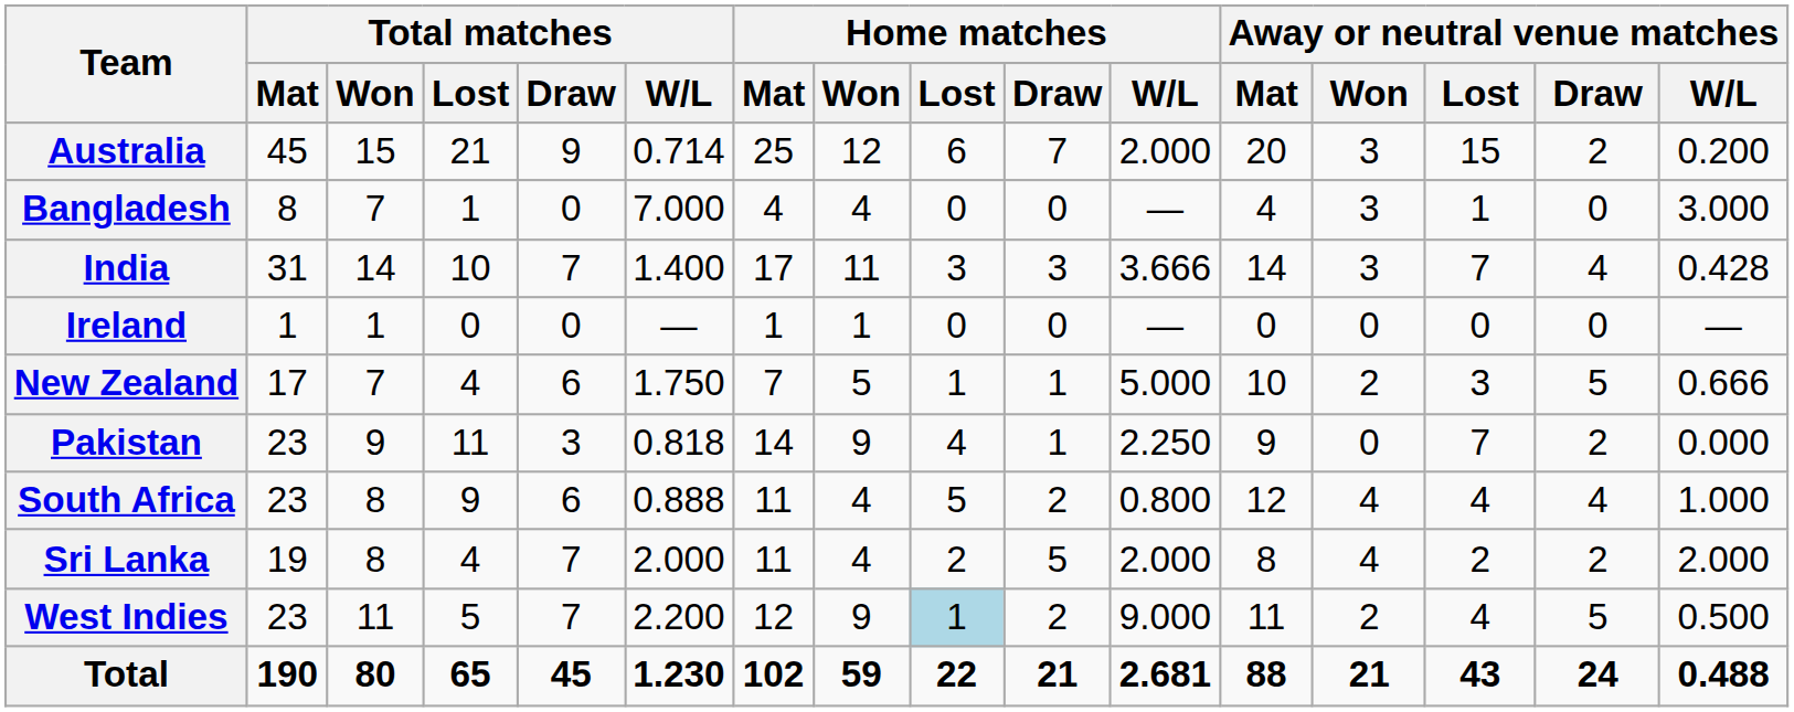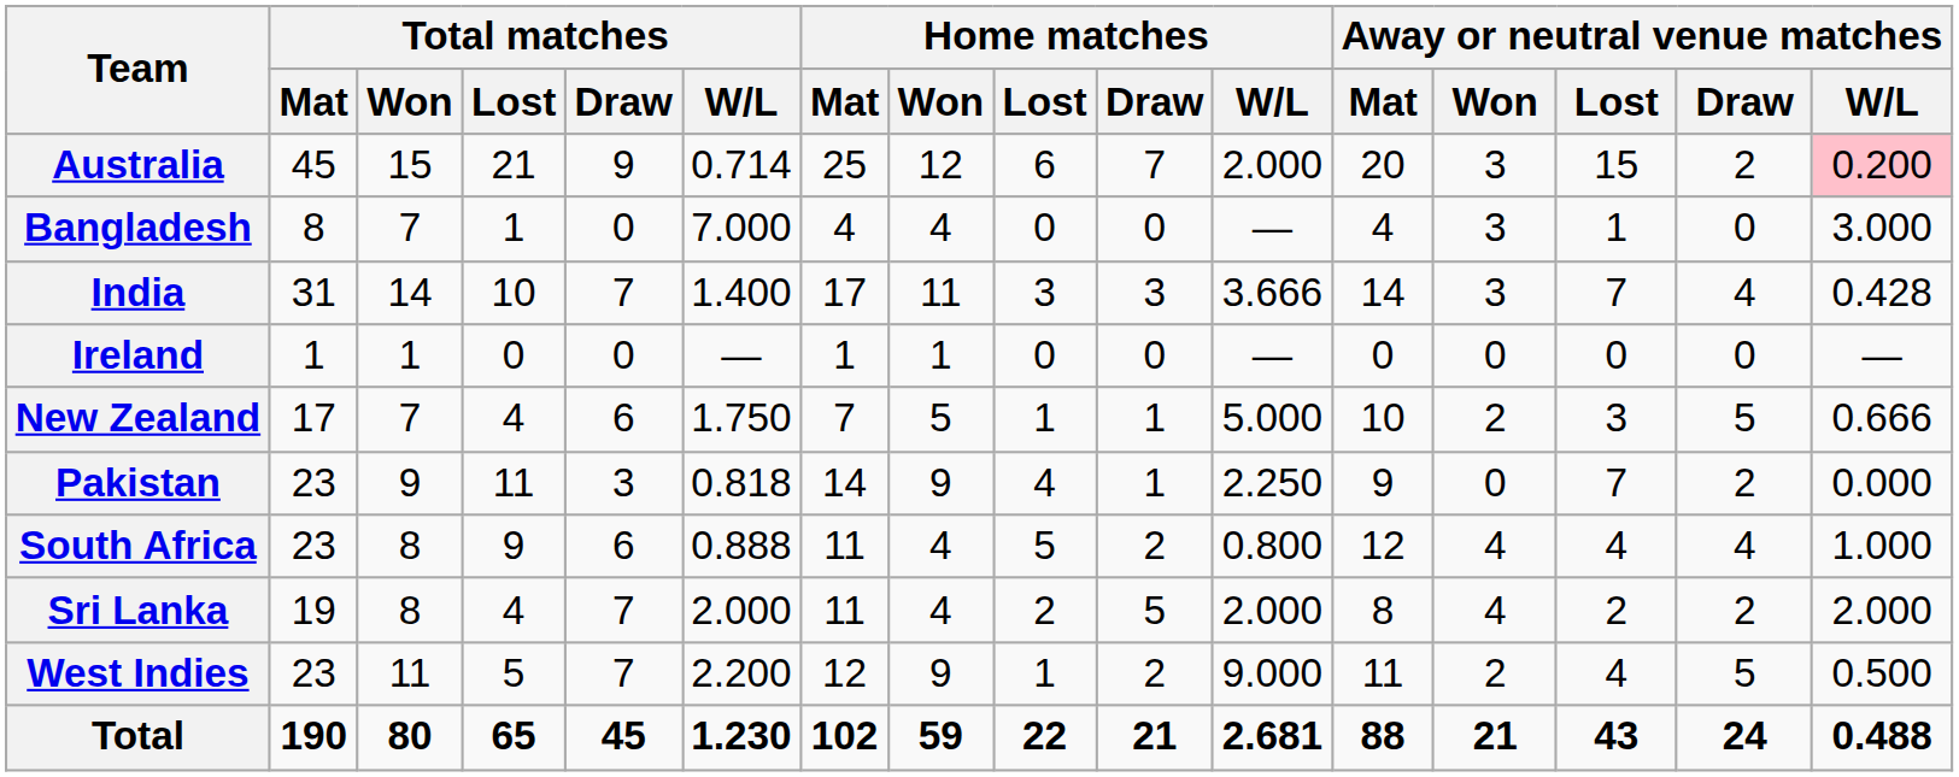 <table class="wikitable plainrowheaders sortable" style="text-align:center">
 <tr>
 <th rowspan=2 scope=col>Team</th>
 <th colspan=5 class=unsortable>Total matches</th>
 <th colspan=5 class=unsortable>Home matches</th>
 <th colspan=5 class=unsortable>Away or neutral venue matches</th>
 </tr>
 <tr>
 <th scope=col data-sort-type=number>Mat</th>
 <th scope=col data-sort-type=number>Won</th>
 <th scope=col data-sort-type=number>Lost</th>
 <th scope=col data-sort-type=number>Draw</th>
 <th scope=col data-sort-type=number>W/L</th>
 <th scope=col data-sort-type=number>Mat</th>
 <th scope=col data-sort-type=number>Won</th>
 <th scope=col data-sort-type=number>Lost</th>
 <th scope=col data-sort-type=number>Draw</th>
 <th scope=col data-sort-type=number>W/L</th>
 <th scope=col data-sort-type=number>Mat</th>
 <th scope=col data-sort-type=number>Won</th>
 <th scope=col data-sort-type=number>Lost</th>
 <th scope=col data-sort-type=number>Draw</th>
 <th scope=col data-sort-type=number>W/L</th>
 </tr>
 <tr>
 <th scope=row><a href='#'>Australia</a></th>
 <td>45</td>
 <td>15</td>
 <td>21</td>
 <td>9</td>
 <td>0.714</td>
 <td>25</td>
 <td>12</td>
 <td>6</td>
 <td>7</td>
 <td>2.000</td>
 <td>20</td>
 <td>3</td>
 <td>15</td>
 <td>2</td>
-<td>0.200</td>
+<td style="background: pink;">0.200</td>
 </tr>
 <tr>
 <th scope=row><a href='#'>Bangladesh</a></th>
 <td>8</td>
 <td>7</td>
 <td>1</td>
 <td>0</td>
 <td>7.000</td>
 <td>4</td>
 <td>4</td>
 <td>0</td>
 <td>0</td>
 <td>—</td>
 <td>4</td>
 <td>3</td>
 <td>1</td>
 <td>0</td>
 <td>3.000</td>
 </tr>
 <tr>
 <th scope=row><a href='#'>India</a></th>
 <td>31</td>
 <td>14</td>
 <td>10</td>
 <td>7</td>
 <td>1.400</td>
 <td>17</td>
 <td>11</td>
 <td>3</td>
 <td>3</td>
 <td>3.666</td>
 <td>14</td>
 <td>3</td>
 <td>7</td>
 <td>4</td>
 <td>0.428</td>
 </tr>
 <tr>
 <th scope=row><a href='#'>Ireland</a></th>
 <td>1</td>
 <td>1</td>
 <td>0</td>
 <td>0</td>
 <td>—</td>
 <td>1</td>
 <td>1</td>
 <td>0</td>
 <td>0</td>
 <td>—</td>
 <td>0</td>
 <td>0</td>
 <td>0</td>
 <td>0</td>
 <td>—</td>
 </tr>
 <tr>
 <th scope=row><a href='#'>New Zealand</a></th>
 <td>17</td>
 <td>7</td>
 <td>4</td>
 <td>6</td>
 <td>1.750</td>
 <td>7</td>
 <td>5</td>
 <td>1</td>
 <td>1</td>
 <td>5.000</td>
 <td>10</td>
 <td>2</td>
 <td>3</td>
 <td>5</td>
 <td>0.666</td>
 </tr>
 <tr>
 <th scope=row><a href='#'>Pakistan</a></th>
 <td>23</td>
 <td>9</td>
 <td>11</td>
 <td>3</td>
 <td>0.818</td>
 <td>14</td>
 <td>9</td>
 <td>4</td>
 <td>1</td>
 <td>2.250</td>
 <td>9</td>
 <td>0</td>
 <td>7</td>
 <td>2</td>
 <td>0.000</td>
 </tr>
 <tr>
 <th scope=row><a href='#'>South Africa</a></th>
 <td>23</td>
 <td>8</td>
 <td>9</td>
 <td>6</td>
 <td>0.888</td>
 <td>11</td>
 <td>4</td>
 <td>5</td>
 <td>2</td>
 <td>0.800</td>
 <td>12</td>
 <td>4</td>
 <td>4</td>
 <td>4</td>
 <td>1.000</td>
 </tr>
 <tr>
 <th scope=row><a href='#'>Sri Lanka</a></th>
 <td>19</td>
 <td>8</td>
 <td>4</td>
 <td>7</td>
 <td>2.000</td>
 <td>11</td>
 <td>4</td>
 <td>2</td>
 <td>5</td>
 <td>2.000</td>
 <td>8</td>
 <td>4</td>
 <td>2</td>
 <td>2</td>
 <td>2.000</td>
 </tr>
 <tr>
 <th scope=row><a href='#'>West Indies</a></th>
 <td>23</td>
 <td>11</td>
 <td>5</td>
 <td>7</td>
 <td>2.200</td>
 <td>12</td>
 <td>9</td>
-<td style="background: lightblue;">1</td>
+<td>1</td>
 <td>2</td>
 <td>9.000</td>
 <td>11</td>
 <td>2</td>
 <td>4</td>
 <td>5</td>
 <td>0.500</td>
 </tr>
 <tr class=sortbottom>
 <th scope=row><strong>Total</strong></th>
 <td><strong>190</strong></td>
 <td><strong>80</strong></td>
 <td><strong>65</strong></td>
 <td><strong>45</strong></td>
 <td><strong>1.230</strong></td>
 <td><strong>102</strong></td>
 <td><strong>59</strong></td>
 <td><strong>22</strong></td>
 <td><strong>21</strong></td>
 <td><strong>2.681</strong></td>
 <td><strong>88</strong></td>
 <td><strong>21</strong></td>
 <td><strong>43</strong></td>
 <td><strong>24</strong></td>
 <td><strong>0.488</strong></td>
 </tr>
 </table>
